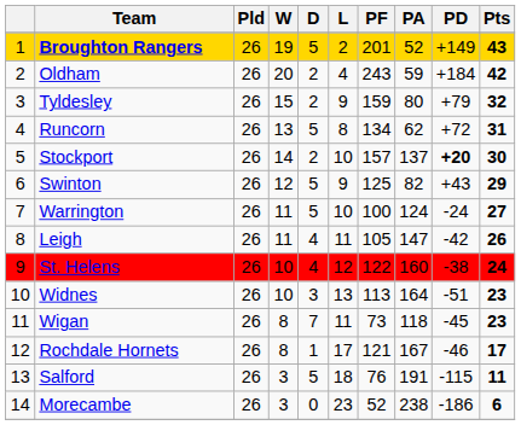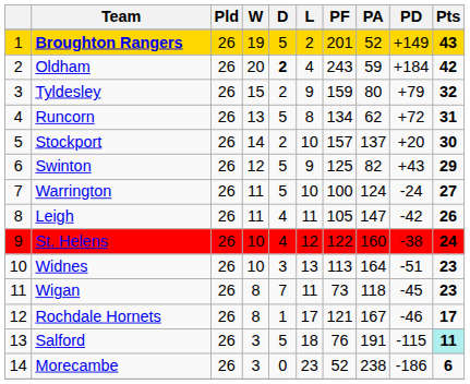 <table class="wikitable" style="text-align:center;">
 <tr>
 <th width=20 abbr="Position"></th>
 <th width=175>Team</th>
 <th width=20 abbr="Played">Pld</th>
 <th width=20 abbr="Won">W</th>
 <th width=20 abbr="Drawn">D</th>
 <th width=20 abbr="Lost">L</th>
 <th width=20 abbr="Points for">PF</th>
 <th width=20 abbr="Points against">PA</th>
 <th width=20 abbr="Points difference">PD</th>
 <th width=20 abbr="Points">Pts</th>
 </tr>
 <tr>
 </tr>
 <tr style="background:#FFD700;">
 <td>1</td>
 <td style="text-align:left;"><strong><a href='#'>Broughton Rangers</a></strong></td>
 <td>26</td>
 <td>19</td>
 <td>5</td>
 <td>2</td>
 <td>201</td>
 <td>52</td>
 <td>+149</td>
 <td><strong>43</strong></td>
 </tr>
 <tr>
 <td>2</td>
 <td style="text-align:left;"><a href='#'>Oldham</a></td>
 <td>26</td>
 <td>20</td>
-<td>2</td>
+<td><strong>2</strong></td>
 <td>4</td>
 <td>243</td>
 <td>59</td>
 <td>+184</td>
 <td><strong>42</strong></td>
 </tr>
 <tr>
 <td>3</td>
 <td style="text-align:left;"><a href='#'>Tyldesley</a></td>
 <td>26</td>
 <td>15</td>
 <td>2</td>
 <td>9</td>
 <td>159</td>
 <td>80</td>
 <td>+79</td>
 <td><strong>32</strong></td>
 </tr>
 <tr>
 <td>4</td>
 <td style="text-align:left;"><a href='#'>Runcorn</a></td>
 <td>26</td>
 <td>13</td>
 <td>5</td>
 <td>8</td>
 <td>134</td>
 <td>62</td>
 <td>+72</td>
 <td><strong>31</strong></td>
 </tr>
 <tr>
 <td>5</td>
 <td style="text-align:left;"><a href='#'>Stockport</a></td>
 <td>26</td>
 <td>14</td>
 <td>2</td>
 <td>10</td>
 <td>157</td>
 <td>137</td>
-<td><strong>+20</strong></td>
+<td>+20</td>
 <td><strong>30</strong></td>
 </tr>
 <tr>
 <td>6</td>
 <td style="text-align:left;"><a href='#'>Swinton</a></td>
 <td>26</td>
 <td>12</td>
 <td>5</td>
 <td>9</td>
 <td>125</td>
 <td>82</td>
 <td>+43</td>
 <td><strong>29</strong></td>
 </tr>
 <tr>
 <td>7</td>
 <td style="text-align:left;"><a href='#'>Warrington</a></td>
 <td>26</td>
 <td>11</td>
 <td>5</td>
 <td>10</td>
 <td>100</td>
 <td>124</td>
 <td>-24</td>
 <td><strong>27</strong></td>
 </tr>
 <tr>
 <td>8</td>
 <td style="text-align:left;"><a href='#'>Leigh</a></td>
 <td>26</td>
 <td>11</td>
 <td>4</td>
 <td>11</td>
 <td>105</td>
 <td>147</td>
 <td>-42</td>
 <td><strong>26</strong></td>
 </tr>
 <tr style="background:#FF0000;">
 <td>9</td>
 <td style="text-align:left;"><a href='#'>St. Helens</a></td>
 <td>26</td>
 <td>10</td>
 <td>4</td>
 <td>12</td>
 <td>122</td>
 <td>160</td>
 <td>-38</td>
 <td><strong>24</strong></td>
 </tr>
 <tr>
 <td>10</td>
 <td style="text-align:left;"><a href='#'>Widnes</a></td>
 <td>26</td>
 <td>10</td>
 <td>3</td>
 <td>13</td>
 <td>113</td>
 <td>164</td>
 <td>-51</td>
 <td><strong>23</strong></td>
 </tr>
 <tr>
 <td>11</td>
 <td style="text-align:left;"><a href='#'>Wigan</a></td>
 <td>26</td>
 <td>8</td>
 <td>7</td>
 <td>11</td>
 <td>73</td>
 <td>118</td>
 <td>-45</td>
 <td><strong>23</strong></td>
 </tr>
 <tr>
 <td>12</td>
 <td style="text-align:left;"><a href='#'>Rochdale Hornets</a></td>
 <td>26</td>
 <td>8</td>
 <td>1</td>
 <td>17</td>
 <td>121</td>
 <td>167</td>
 <td>-46</td>
 <td><strong>17</strong></td>
 </tr>
 <tr>
 <td>13</td>
 <td style="text-align:left;"><a href='#'>Salford</a></td>
 <td>26</td>
 <td>3</td>
 <td>5</td>
 <td>18</td>
 <td>76</td>
 <td>191</td>
 <td>-115</td>
-<td><strong>11</strong></td>
+<td style="background: paleturquoise;"><strong>11</strong></td>
 </tr>
 <tr>
 <td>14</td>
 <td style="text-align:left;"><a href='#'>Morecambe</a></td>
 <td>26</td>
 <td>3</td>
 <td>0</td>
 <td>23</td>
 <td>52</td>
 <td>238</td>
 <td>-186</td>
 <td><strong>6</strong></td>
 </tr>
 <tr>
 </tr>
 </table>
